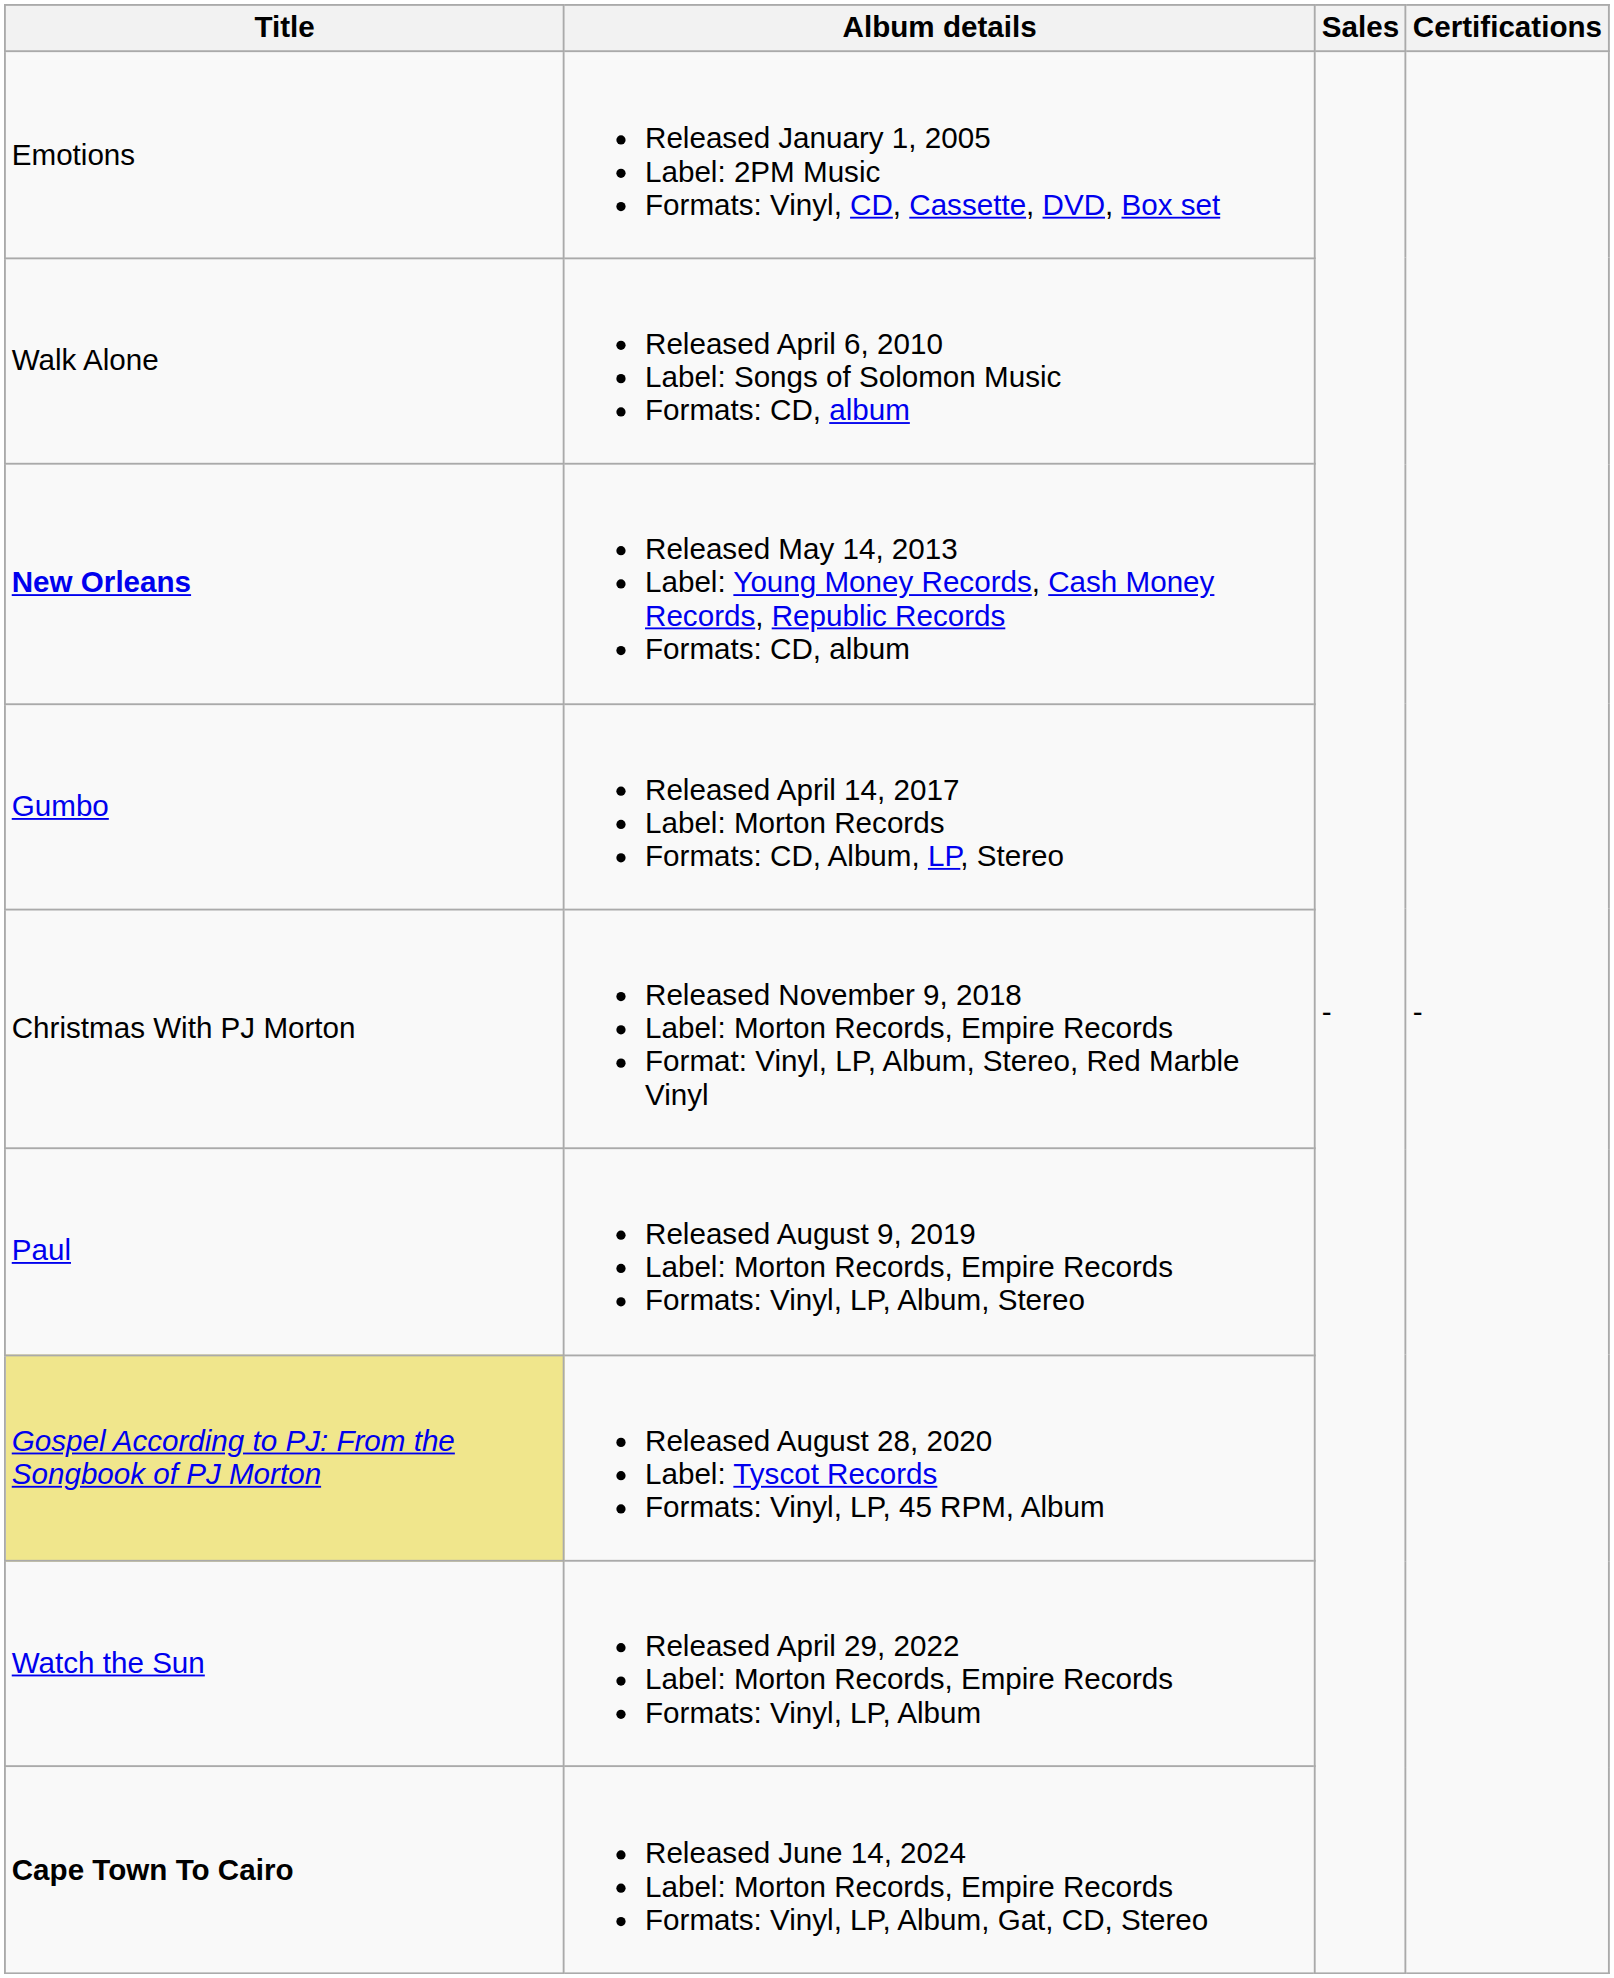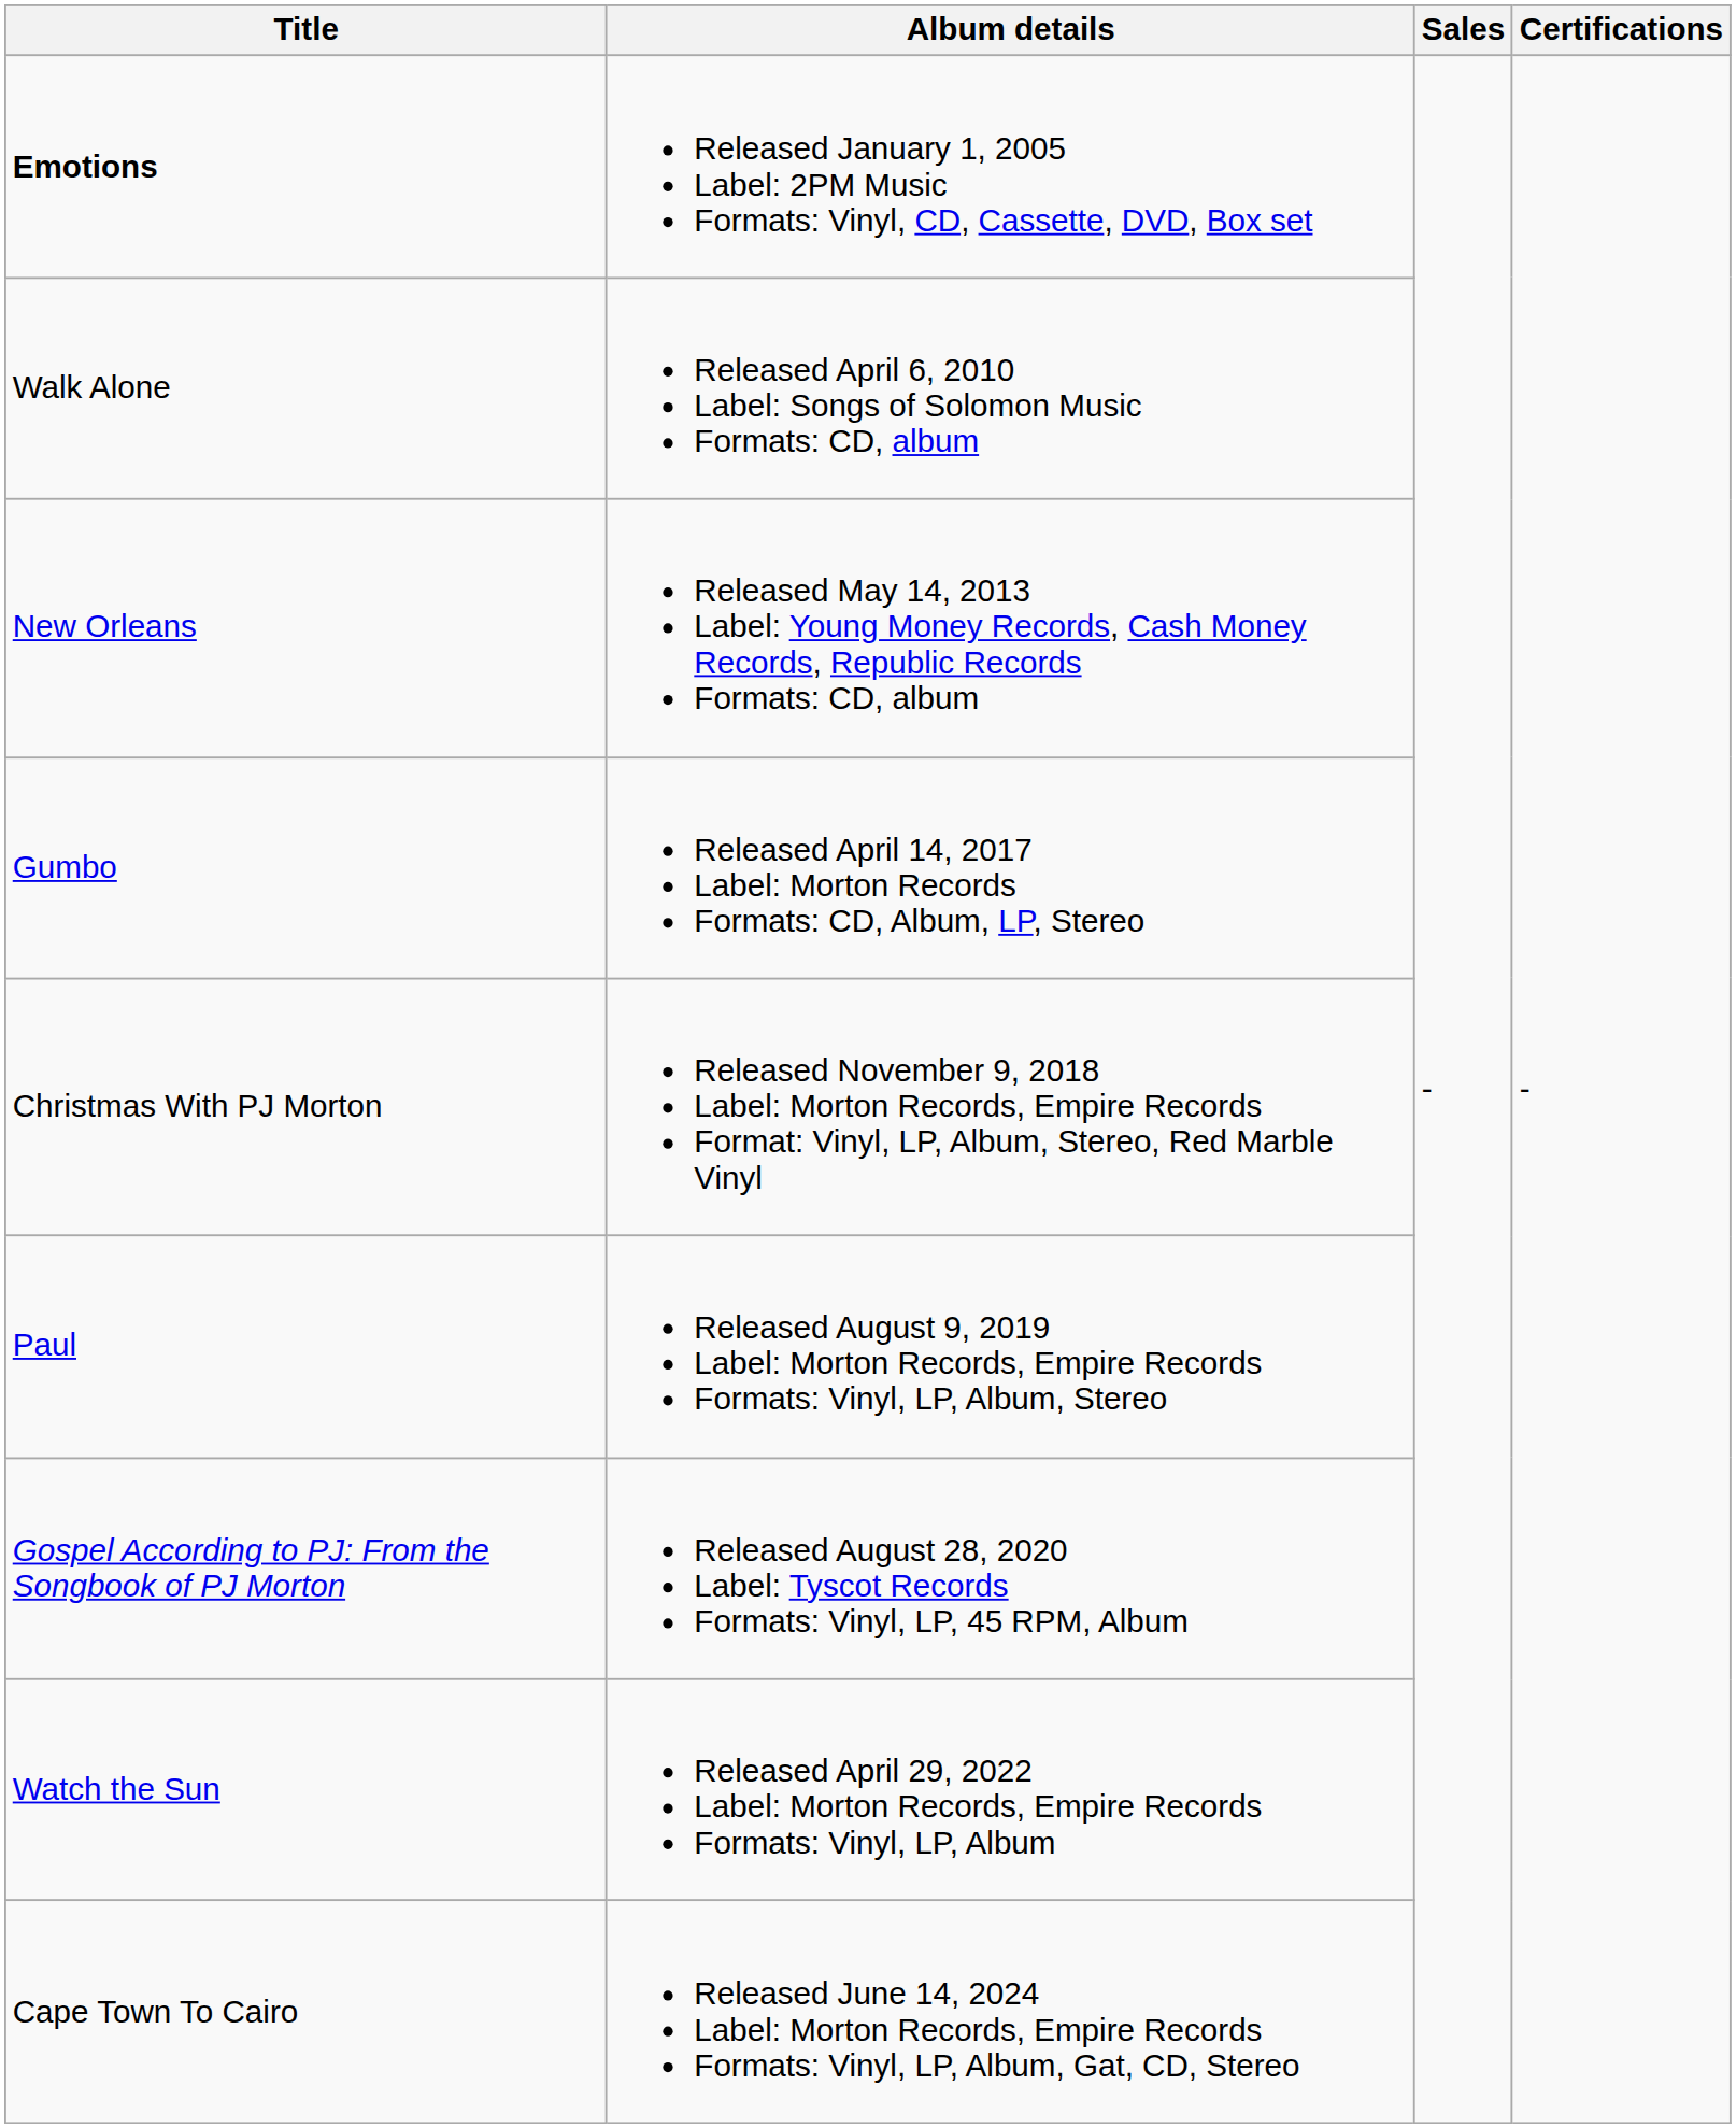 <table class="wikitable sortable">
 <tr>
 <th>Title</th>
 <th>Album details</th>
 <th>Sales</th>
 <th>Certifications</th>
 </tr>
 <tr>
-<td>Emotions</td>
+<td><strong>Emotions</strong></td>
 <td><br><ul><li>Released January 1, 2005</li><li>Label: 2PM Music</li><li>Formats: Vinyl, <a href='#'>CD</a>, <a href='#'>Cassette</a>, <a href='#'>DVD</a>, <a href='#'>Box set</a></li></ul></td>
 <td rowspan="9">-</td>
 <td rowspan="9">-</td>
 </tr>
 <tr>
 <td>Walk Alone</td>
 <td><br><ul><li>Released April 6, 2010</li><li>Label: Songs of Solomon Music</li><li>Formats: CD, <a href='#'>album</a></li></ul></td>
 </tr>
 <tr>
-<td><strong><a href='#'>New Orleans</a></strong></td>
+<td><a href='#'>New Orleans</a></td>
 <td><br><ul><li>Released May 14, 2013</li><li>Label: <a href='#'>Young Money Records</a>, <a href='#'>Cash Money Records</a>, <a href='#'>Republic Records</a></li><li>Formats: CD, album</li></ul></td>
 </tr>
 <tr>
 <td><a href='#'>Gumbo</a></td>
 <td><br><ul><li>Released April 14, 2017</li><li>Label: Morton Records</li><li>Formats: CD, Album, <a href='#'>LP</a>, Stereo</li></ul></td>
 </tr>
 <tr>
 <td>Christmas With PJ Morton</td>
 <td><br><ul><li>Released November 9, 2018</li><li>Label: Morton Records, Empire Records</li><li>Format: Vinyl, LP, Album, Stereo, Red Marble Vinyl</li></ul></td>
 </tr>
 <tr>
 <td><a href='#'>Paul</a></td>
 <td><br><ul><li>Released August 9, 2019</li><li>Label: Morton Records, Empire Records</li><li>Formats: Vinyl, LP, Album, Stereo</li></ul></td>
 </tr>
 <tr>
-<td style="background: khaki;"><em><a href='#'>Gospel According to PJ: From the Songbook of PJ Morton</a></em></td>
+<td><em><a href='#'>Gospel According to PJ: From the Songbook of PJ Morton</a></em></td>
 <td><br><ul><li>Released August 28, 2020</li><li>Label: <a href='#'>Tyscot Records</a></li><li>Formats: Vinyl, LP, 45 RPM, Album</li></ul></td>
 </tr>
 <tr>
 <td><a href='#'>Watch the Sun</a></td>
 <td><br><ul><li>Released April 29, 2022</li><li>Label: Morton Records, Empire Records</li><li>Formats: Vinyl, LP, Album</li></ul></td>
 </tr>
 <tr>
-<td><strong>Cape Town To Cairo</strong></td>
+<td>Cape Town To Cairo</td>
 <td><br><ul><li>Released June 14, 2024</li><li>Label: Morton Records, Empire Records</li><li>Formats: Vinyl, LP, Album, Gat, CD, Stereo</li></ul></td>
 </tr>
 </table>
